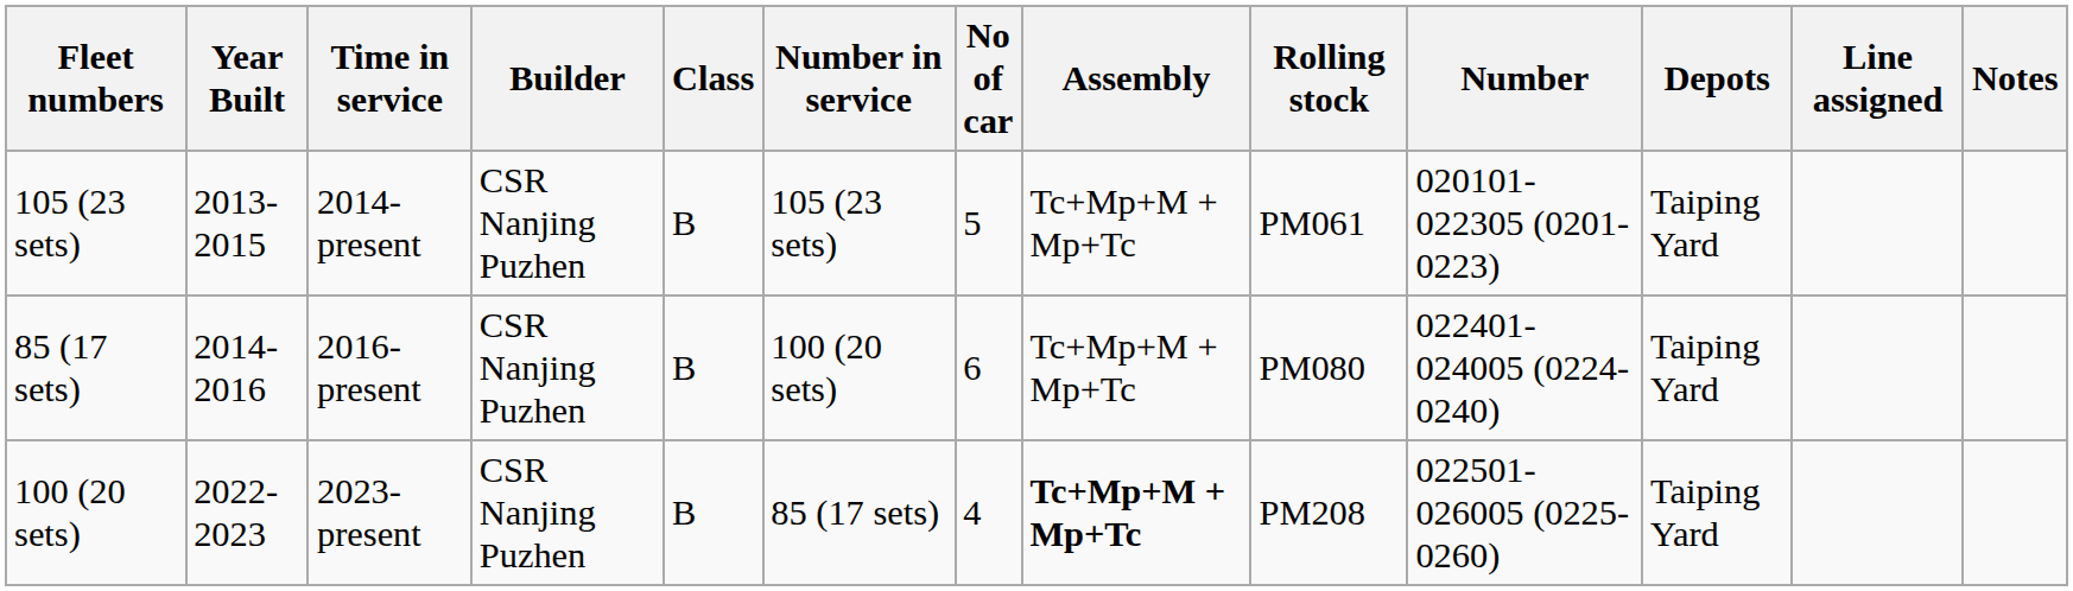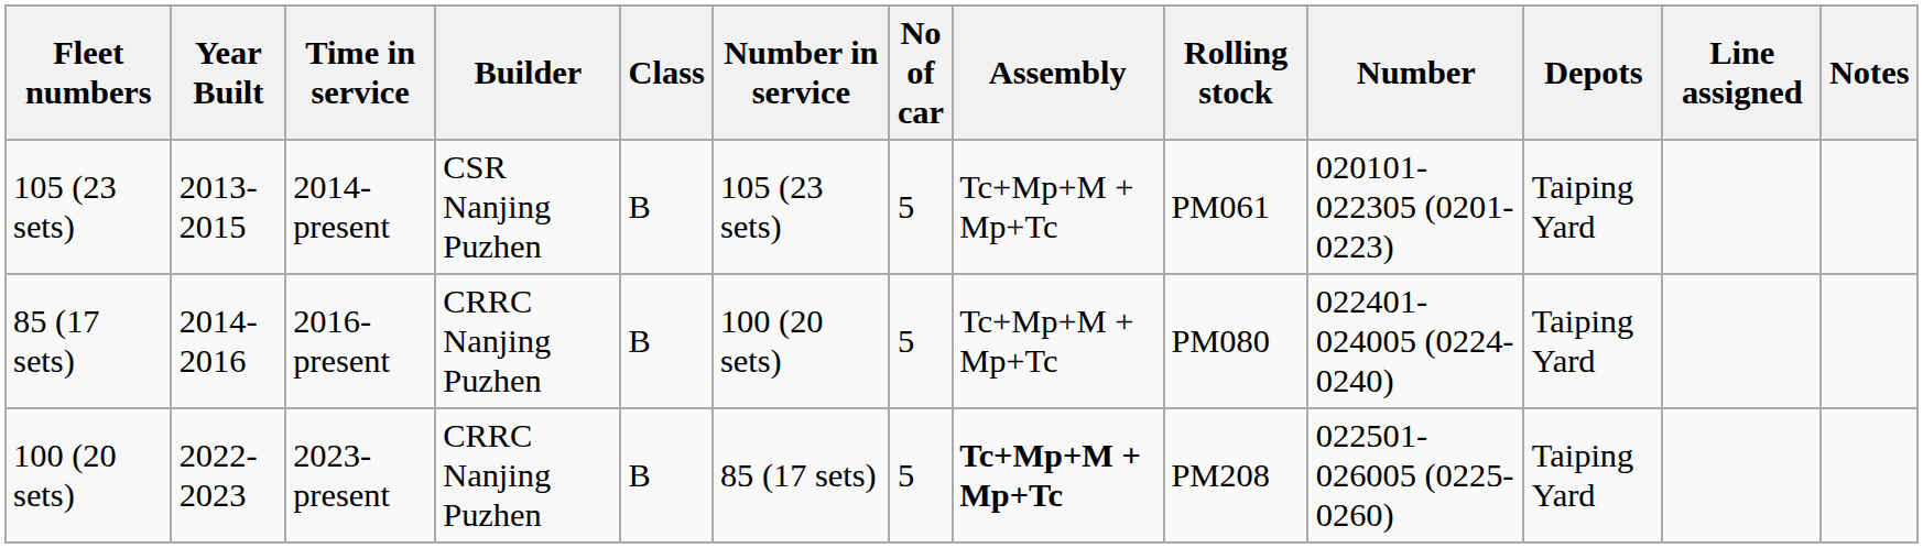 <table class="wikitable sortable" style="font-size: 95%;" |>
 <tr>
 <th>Fleet numbers</th>
 <th>Year Built</th>
 <th>Time in service</th>
 <th>Builder</th>
 <th>Class</th>
 <th>Number in service</th>
 <th>No <br>of<br> car</th>
 <th>Assembly</th>
 <th>Rolling stock</th>
 <th>Number</th>
 <th>Depots</th>
 <th>Line assigned</th>
 <th>Notes</th>
 </tr>
 <tr bo,>
 <td>105 (23 sets)</td>
 <td>2013-2015</td>
 <td>2014-present</td>
 <td>CSR Nanjing Puzhen</td>
 <td>B</td>
 <td>105 (23 sets)</td>
 <td>5</td>
 <td>Tc+Mp+M + Mp+Tc</td>
 <td>PM061</td>
 <td>020101-022305 (0201-0223)</td>
 <td>Taiping Yard</td>
 <td></td>
 <td></td>
 </tr>
 <tr>
 <td>85 (17 sets)</td>
 <td>2014-2016</td>
 <td>2016-present</td>
-<td>CSR Nanjing Puzhen</td>
+<td>CRRC Nanjing Puzhen</td>
 <td>B</td>
 <td>100 (20 sets)</td>
-<td>6</td>
+<td>5</td>
 <td>Tc+Mp+M + Mp+Tc</td>
 <td>PM080</td>
 <td>022401-024005 (0224-0240)</td>
 <td>Taiping Yard</td>
 <td></td>
 <td></td>
 </tr>
 <tr>
 <td>100 (20 sets)</td>
 <td>2022-2023</td>
 <td>2023-present</td>
-<td>CSR Nanjing Puzhen</td>
+<td>CRRC Nanjing Puzhen</td>
 <td>B</td>
 <td>85 (17 sets)</td>
-<td>4</td>
+<td>5</td>
 <td><strong>Tc+Mp+M + Mp+Tc</strong></td>
 <td>PM208</td>
 <td>022501-026005 (0225-0260)</td>
 <td>Taiping Yard</td>
 <td></td>
 <td></td>
 </tr>
 </table>
